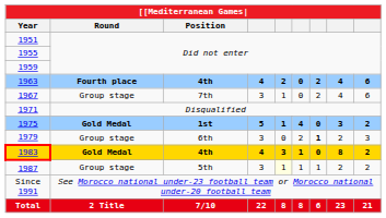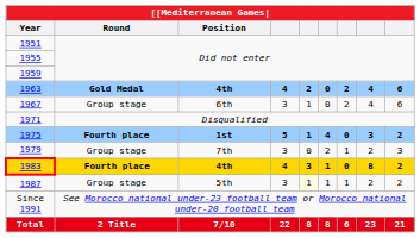 <table class="wikitable" class="wikitable" style="font-size:90%; text-align:center; width:60%">
 <tr>
 <th colspan="9" style="background:#ED1C24; color:white; ">[[Mediterranean Games|</th>
 </tr>
 <tr>
 <th>Year</th>
 <th>Round</th>
 <th>Position</th>
 <th></th>
 <th></th>
 <th></th>
 <th></th>
 <th></th>
 <th></th>
 </tr>
 <tr>
 <td> <a href='#'>1951</a></td>
 <td colspan=8 rowspan=3><em>Did not enter</em></td>
 </tr>
 <tr>
 <td> <a href='#'>1955</a></td>
 </tr>
 <tr>
 <td> <a href='#'>1959</a></td>
 </tr>
 <tr style="background:#9acdff;">
 <td> <a href='#'>1963</a></td>
-<td><strong>Fourth place</strong></td>
+<td> <strong>Gold Medal</strong></td>
 <td><strong>4th</strong></td>
 <td><strong>4</strong></td>
 <td><strong>2</strong></td>
 <td><strong>0</strong></td>
 <td><strong>2</strong></td>
 <td><strong>4</strong></td>
 <td><strong>6</strong></td>
 </tr>
 <tr>
 <td> <a href='#'>1967</a></td>
 <td>Group stage</td>
-<td>7th</td>
+<td>6th</td>
 <td>3</td>
 <td>1</td>
 <td>0</td>
 <td>2</td>
 <td>4</td>
 <td>6</td>
 </tr>
 <tr>
 <td> <a href='#'>1971</a></td>
 <td colspan=8><em>Disqualified</em></td>
 </tr>
 <tr style="background:#9acdff;">
 <td> <a href='#'>1975</a></td>
-<td> <strong>Gold Medal</strong></td>
+<td><strong>Fourth place</strong></td>
 <td><strong>1st</strong></td>
 <td><strong>5</strong></td>
 <td><strong>1</strong></td>
 <td><strong>4</strong></td>
 <td><strong>0</strong></td>
 <td><strong>3</strong></td>
 <td><strong>2</strong></td>
 </tr>
 <tr>
 <td> <a href='#'>1979</a></td>
 <td>Group stage</td>
-<td>6th</td>
+<td>7th</td>
 <td>3</td>
 <td>0</td>
 <td>2</td>
-<td><strong>1</strong></td>
+<td>1</td>
 <td>2</td>
 <td>3</td>
 </tr>
 <tr bgcolor="gold">
 <td style="border: 3px solid red"> <a href='#'>1983</a></td>
-<td> <strong>Gold Medal</strong></td>
+<td><strong>Fourth place</strong></td>
 <td><strong>4th</strong></td>
 <td><strong>4</strong></td>
 <td><strong>3</strong></td>
 <td><strong>1</strong></td>
 <td><strong>0</strong></td>
 <td><strong>8</strong></td>
 <td><strong>2</strong></td>
 </tr>
 <tr>
 <td> <a href='#'>1987</a></td>
 <td>Group stage</td>
 <td>5th</td>
 <td>3</td>
 <td style="background: lightyellow;">1</td>
 <td>1</td>
 <td>1</td>
 <td>2</td>
 <td>2</td>
 </tr>
 <tr>
 <td>Since <a href='#'>1991</a></td>
 <td colspan=8><em>See <a href='#'>Morocco national under-23 football team</a> or <a href='#'>Morocco national under-20 football team</a></em></td>
 </tr>
 <tr>
 <th style="background:#E70013; color:white;">Total</th>
 <th style="background:#E70013; color:white;">2 Title</th>
 <th style="background:#E70013; color:white;">7/10</th>
 <th style="background:#E70013; color:white;">22</th>
 <th style="background:#E70013; color:white;">8</th>
 <th style="background:#E70013; color:white;">8</th>
 <th style="background:#E70013; color:white;">6</th>
 <th style="background:#E70013; color:white;">23</th>
 <th style="background:#E70013; color:white;">21</th>
 </tr>
 </table>
